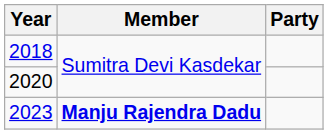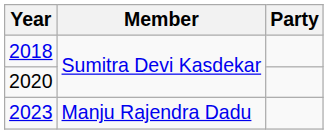 <table class="wikitable sortable">
 <tr>
 <th>Year</th>
 <th>Member</th>
 <th colspan=2>Party</th>
 </tr>
 <tr>
 <td><a href='#'>2018</a></td>
 <td rowspan=2><a href='#'>Sumitra Devi Kasdekar</a></td>
 <td></td>
 </tr>
 <tr>
 <td>2020</td>
 <td></td>
 </tr>
 <tr>
 <td><a href='#'>2023</a></td>
-<td><strong><a href='#'>Manju Rajendra Dadu</a></strong></td>
+<td><a href='#'>Manju Rajendra Dadu</a></td>
 </tr>
 </table>
